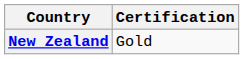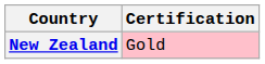 <table class="wikitable plainrowheaders">
 <tr>
 <th scope="col">Country</th>
 <th scope="col">Certification</th>
 </tr>
 <tr>
 <th scope="row"><a href='#'>New Zealand</a></th>
-<td>Gold</td>
+<td style="background: pink;">Gold</td>
 </tr>
 </table>
